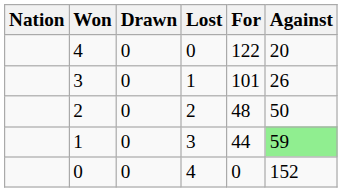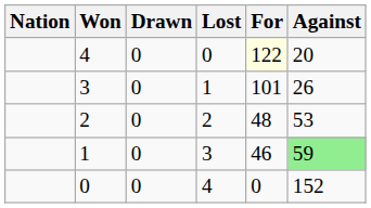 <table class="wikitable">
 <tr>
 <th>Nation</th>
 <th>Won</th>
 <th>Drawn</th>
 <th>Lost</th>
 <th>For</th>
 <th>Against</th>
 </tr>
 <tr>
 <td></td>
 <td>4</td>
 <td>0</td>
 <td>0</td>
-<td>122</td>
+<td style="background: lightyellow;">122</td>
 <td>20</td>
 </tr>
 <tr>
 <td></td>
 <td>3</td>
 <td>0</td>
 <td>1</td>
 <td>101</td>
 <td>26</td>
 </tr>
 <tr>
 <td></td>
 <td>2</td>
 <td>0</td>
 <td>2</td>
 <td>48</td>
-<td>50</td>
+<td>53</td>
 </tr>
 <tr>
 <td></td>
 <td>1</td>
 <td>0</td>
 <td>3</td>
-<td>44</td>
+<td>46</td>
 <td style="background: lightgreen;">59</td>
 </tr>
 <tr>
 <td></td>
 <td>0</td>
 <td>0</td>
 <td>4</td>
 <td>0</td>
 <td>152</td>
 </tr>
 </table>
